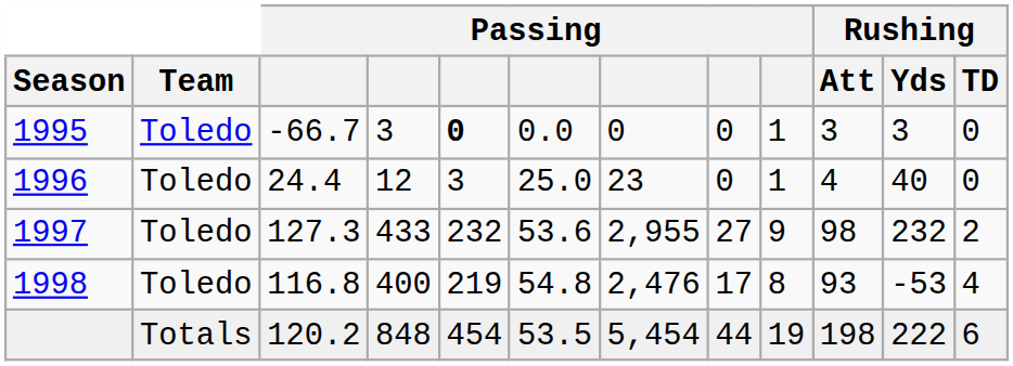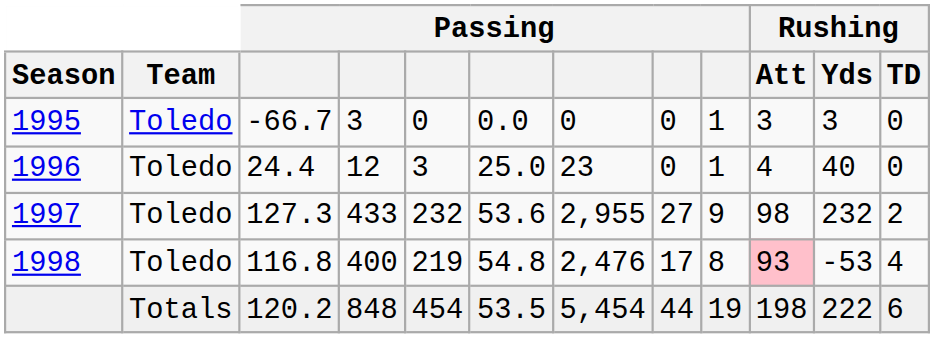 <table class="wikitable">
 <tr>
 <th colspan="2" style="background:#fff; border-color:#fff #fff #aaa #fff"> </th>
 <th colspan="7">Passing</th>
 <th colspan="3">Rushing</th>
 </tr>
 <tr>
 <th>Season</th>
 <th>Team</th>
 <th></th>
 <th></th>
 <th></th>
 <th></th>
 <th></th>
 <th></th>
 <th></th>
 <th align="center">Att</th>
 <th>Yds</th>
 <th>TD</th>
 </tr>
 <tr>
 <td><a href='#'>1995</a></td>
 <td><a href='#'>Toledo</a></td>
 <td>-66.7</td>
 <td>3</td>
-<td><strong>0</strong></td>
+<td>0</td>
 <td>0.0</td>
 <td>0</td>
 <td>0</td>
 <td>1</td>
 <td>3</td>
 <td>3</td>
 <td>0</td>
 </tr>
 <tr>
 <td><a href='#'>1996</a></td>
 <td>Toledo</td>
 <td>24.4</td>
 <td>12</td>
 <td>3</td>
 <td>25.0</td>
 <td>23</td>
 <td>0</td>
 <td>1</td>
 <td>4</td>
 <td>40</td>
 <td>0</td>
 </tr>
 <tr>
 <td><a href='#'>1997</a></td>
 <td>Toledo</td>
 <td>127.3</td>
 <td>433</td>
 <td>232</td>
 <td>53.6</td>
 <td>2,955</td>
 <td>27</td>
 <td>9</td>
 <td>98</td>
 <td>232</td>
 <td>2</td>
 </tr>
 <tr>
 <td><a href='#'>1998</a></td>
 <td>Toledo</td>
 <td>116.8</td>
 <td>400</td>
 <td>219</td>
 <td>54.8</td>
 <td>2,476</td>
 <td>17</td>
 <td>8</td>
-<td>93</td>
+<td style="background: pink;">93</td>
 <td>-53</td>
 <td>4</td>
 </tr>
 <tr style="background:#f0f0f0;">
 <td></td>
 <td>Totals</td>
 <td>120.2</td>
 <td>848</td>
 <td>454</td>
 <td>53.5</td>
 <td>5,454</td>
 <td>44</td>
 <td>19</td>
 <td>198</td>
 <td>222</td>
 <td>6</td>
 </tr>
 </table>
